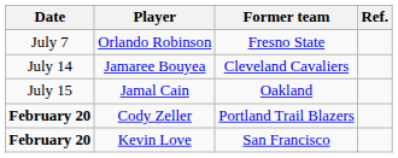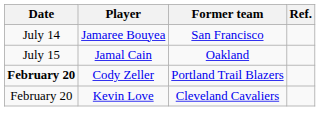 <table class="wikitable sortable sortable" style="text-align: center">
 <tr>
 <th>Date</th>
 <th>Player</th>
 <th>Former team</th>
 <th>Ref.</th>
 </tr>
 <tr>
-<td>July 7</td>
-<td><a href='#'>Orlando Robinson</a></td>
-<td><a href='#'>Fresno State</a></td>
-<td></td>
-</tr>
-<tr>
 <td>July 14</td>
 <td><a href='#'>Jamaree Bouyea</a></td>
-<td><a href='#'>Cleveland Cavaliers</a></td>
+<td><a href='#'>San Francisco</a></td>
 <td></td>
 </tr>
 <tr>
 <td>July 15</td>
 <td><a href='#'>Jamal Cain</a></td>
 <td><a href='#'>Oakland</a></td>
 <td></td>
 </tr>
 <tr>
 <td><strong>February 20</strong></td>
 <td><a href='#'>Cody Zeller</a></td>
 <td><a href='#'>Portland Trail Blazers</a></td>
 <td></td>
 </tr>
 <tr>
-<td><strong>February 20</strong></td>
+<td>February 20</td>
 <td><a href='#'>Kevin Love</a></td>
-<td><a href='#'>San Francisco</a></td>
+<td><a href='#'>Cleveland Cavaliers</a></td>
 <td></td>
 </tr>
 </table>
